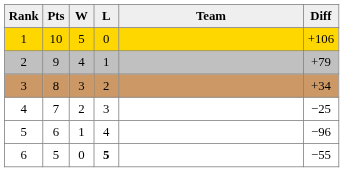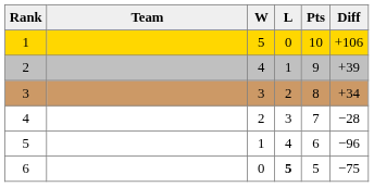 <table style=border-collapse:collapse border=1 cellspacing=0 cellpadding=5>
 <tr align=center bgcolor=#efefef>
 <th width=20>Rank</th>
-<th width=20>Pts</th>
+<th width=220>Team</th>
 <th width=20>W</th>
 <th width=20>L</th>
-<th width=220>Team</th>
+<th width=20>Pts</th>
 <th width=20>Diff</th>
 </tr>
 <tr align=center bgcolor=gold>
 <td>1</td>
-<td>10</td>
+<td align=left></td>
 <td>5</td>
 <td>0</td>
-<td align=left></td>
+<td>10</td>
 <td>+106</td>
 </tr>
 <tr align=center bgcolor=silver>
 <td>2</td>
-<td>9</td>
+<td align=left></td>
 <td>4</td>
 <td>1</td>
-<td align=left></td>
-<td>+79</td>
+<td>9</td>
+<td>+39</td>
 </tr>
 <tr align=center bgcolor=cc9966>
 <td>3</td>
-<td>8</td>
+<td align=left></td>
 <td>3</td>
 <td>2</td>
-<td align=left></td>
+<td>8</td>
 <td>+34</td>
 </tr>
 <tr align=center>
 <td>4</td>
-<td>7</td>
+<td align=left></td>
 <td>2</td>
 <td>3</td>
-<td align=left></td>
-<td>−25</td>
+<td>7</td>
+<td>−28</td>
 </tr>
 <tr align=center>
 <td>5</td>
-<td>6</td>
+<td align=left></td>
 <td>1</td>
 <td>4</td>
-<td align=left></td>
+<td>6</td>
 <td>−96</td>
 </tr>
 <tr align=center>
 <td>6</td>
-<td>5</td>
+<td align=left></td>
 <td>0</td>
 <td><strong>5</strong></td>
-<td align=left></td>
-<td>−55</td>
+<td>5</td>
+<td>−75</td>
 </tr>
 </table>
